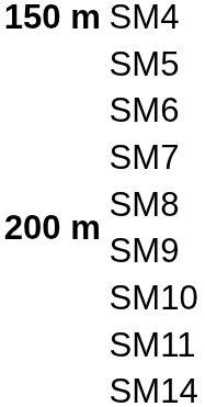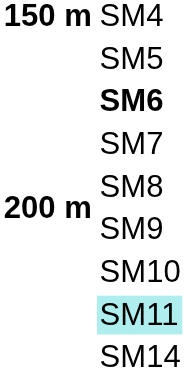 <table>
 <tr>
 <th>150 m</th>
 <td>SM4 <br></td>
 <td></td>
 <td></td>
 <td></td>
 </tr>
 <tr>
 <th rowspan="8">200 m</th>
 <td>SM5 <br></td>
 <td></td>
 <td></td>
 <td></td>
 </tr>
 <tr>
-<td>SM6 <br></td>
+<td><strong>SM6 <br></strong></td>
 <td></td>
 <td></td>
 <td></td>
 </tr>
 <tr>
 <td>SM7 <br></td>
 <td></td>
 <td></td>
 <td></td>
 </tr>
 <tr>
 <td>SM8 <br></td>
 <td></td>
 <td></td>
 <td></td>
 </tr>
 <tr>
 <td>SM9 <br></td>
 <td></td>
 <td></td>
 <td></td>
 </tr>
 <tr>
 <td>SM10 <br></td>
 <td></td>
 <td></td>
 <td></td>
 </tr>
 <tr>
-<td>SM11 <br></td>
+<td style="background: paleturquoise;">SM11 <br></td>
 <td></td>
 <td></td>
 <td></td>
 </tr>
 <tr>
 <td>SM14 <br></td>
 <td></td>
 <td></td>
 <td></td>
 </tr>
 </table>
